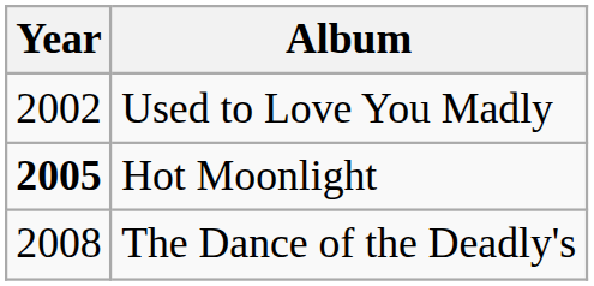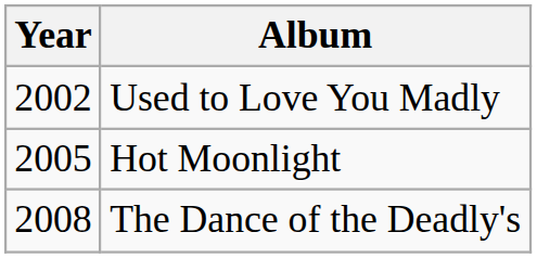 <table class="wikitable">
 <tr>
 <th>Year</th>
 <th>Album</th>
 </tr>
 <tr>
 <td>2002</td>
 <td>Used to Love You Madly</td>
 </tr>
 <tr>
-<td><strong>2005</strong></td>
+<td>2005</td>
 <td>Hot Moonlight</td>
 </tr>
 <tr>
 <td>2008</td>
 <td>The Dance of the Deadly's</td>
 </tr>
 </table>
